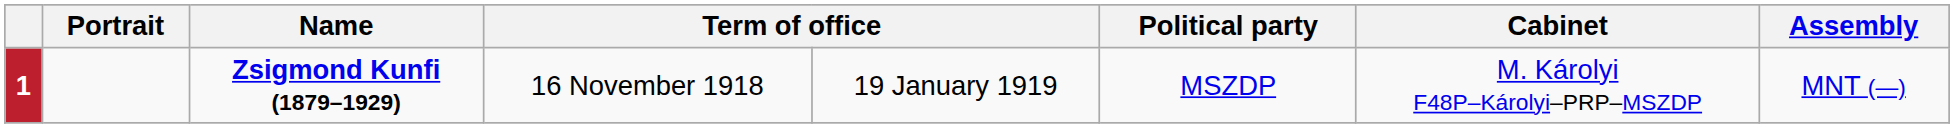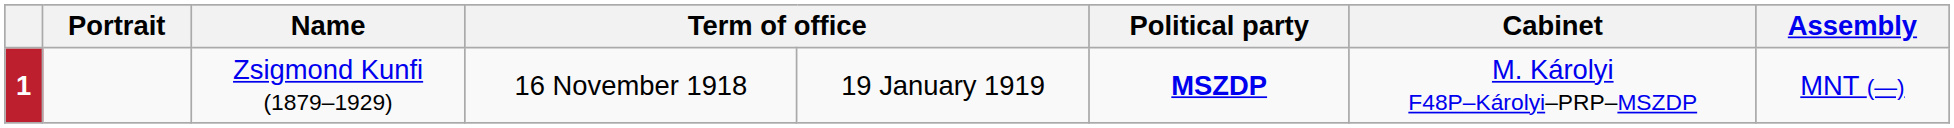 <table class="wikitable" style="width:90%; text-align:center;">
 <tr>
 <th></th>
 <th>Portrait</th>
 <th>Name<br></th>
 <th colspan=2>Term of office</th>
 <th>Political party</th>
 <th>Cabinet</th>
 <th><a href='#'>Assembly</a><br></th>
 </tr>
 <tr>
 <th style="background-color:#BE1F2E; color:white">1</th>
 <td></td>
-<td><strong><a href='#'>Zsigmond Kunfi</a><br><small>(1879–1929)</small></strong></td>
+<td><a href='#'>Zsigmond Kunfi</a><br><small>(1879–1929)</small></td>
 <td>16 November 1918</td>
 <td>19 January 1919</td>
-<td><a href='#'>MSZDP</a></td>
+<td><strong><a href='#'>MSZDP</a></strong></td>
 <td><a href='#'>M. Károlyi</a><br><small><a href='#'>F48P–Károlyi</a>–PRP–<a href='#'>MSZDP</a></small></td>
 <td><a href='#'>MNT <small>(—)</small></a></td>
 </tr>
 </table>
